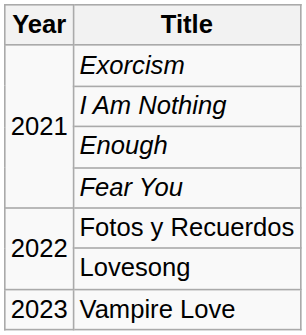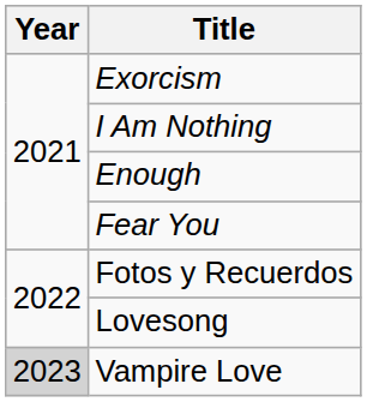 <table class="wikitable">
 <tr>
 <th>Year</th>
 <th>Title</th>
 </tr>
 <tr>
 <td rowspan="4">2021</td>
 <td><em>Exorcism</em></td>
 </tr>
 <tr>
 <td><em>I Am Nothing</em></td>
 </tr>
 <tr>
 <td><em>Enough</em></td>
 </tr>
 <tr>
 <td><em>Fear You</em></td>
 </tr>
 <tr>
 <td rowspan="2">2022</td>
 <td>Fotos y Recuerdos</td>
 </tr>
 <tr>
 <td>Lovesong</td>
 </tr>
 <tr>
-<td>2023</td>
+<td style="background: lightgrey;">2023</td>
 <td>Vampire Love</td>
 </tr>
 </table>
